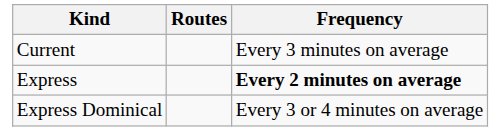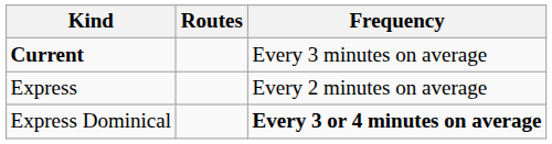 <table class="wikitable" style="margin:1em auto;">
 <tr>
 <th>Kind</th>
 <th>Routes</th>
 <th>Frequency</th>
 </tr>
 <tr>
-<td>Current</td>
+<td><strong>Current</strong></td>
 <td></td>
 <td>Every 3 minutes on average</td>
 </tr>
 <tr>
 <td>Express</td>
 <td>  </td>
-<td><strong>Every 2 minutes on average</strong></td>
+<td>Every 2 minutes on average</td>
 </tr>
 <tr>
 <td>Express Dominical</td>
 <td></td>
-<td>Every 3 or 4 minutes on average</td>
+<td><strong>Every 3 or 4 minutes on average</strong></td>
 </tr>
 </table>
